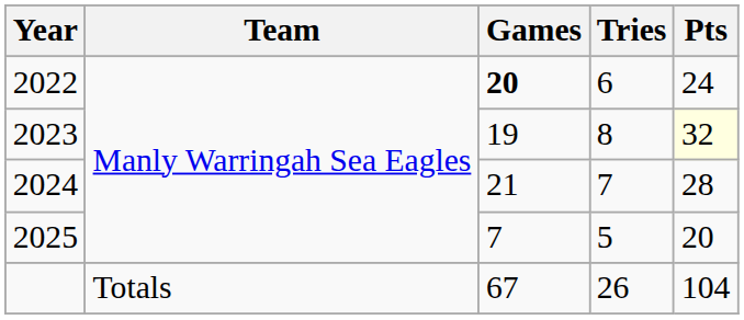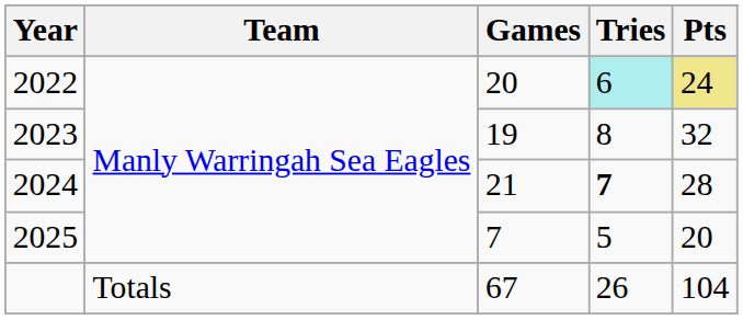 <table class="wikitable">
 <tr>
 <th>Year</th>
 <th>Team</th>
 <th>Games</th>
 <th>Tries</th>
 <th>Pts</th>
 </tr>
 <tr>
 <td>2022</td>
 <td rowspan="4"> <a href='#'>Manly Warringah Sea Eagles</a></td>
-<td><strong>20</strong></td>
-<td>6</td>
-<td>24</td>
+<td>20</td>
+<td style="background: paleturquoise;">6</td>
+<td style="background: khaki;">24</td>
 </tr>
 <tr>
 <td>2023</td>
 <td>19</td>
 <td>8</td>
-<td style="background: lightyellow;">32</td>
+<td>32</td>
 </tr>
 <tr>
 <td>2024</td>
 <td>21</td>
-<td>7</td>
+<td><strong>7</strong></td>
 <td>28</td>
 </tr>
 <tr>
 <td>2025</td>
 <td>7</td>
 <td>5</td>
 <td>20</td>
 </tr>
 <tr>
 <td></td>
 <td>Totals</td>
 <td>67</td>
 <td>26</td>
 <td>104</td>
 </tr>
 </table>
